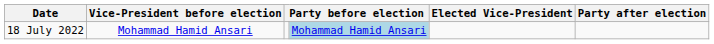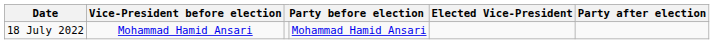 <table class="wikitable sortable" style="text-align:center;">
 <tr>
 <th>Date</th>
 <th>Vice-President before election</th>
 <th colspan="2">Party before election</th>
 <th>Elected Vice-President</th>
 <th colspan="2">Party after election</th>
 </tr>
 <tr>
 <td>18 July 2022</td>
 <td><a href='#'>Mohammad Hamid Ansari</a></td>
 <td></td>
-<td style="background: lightblue;"><a href='#'>Mohammad Hamid Ansari</a></td>
+<td><a href='#'>Mohammad Hamid Ansari</a></td>
 <td></td>
 </tr>
 </table>
